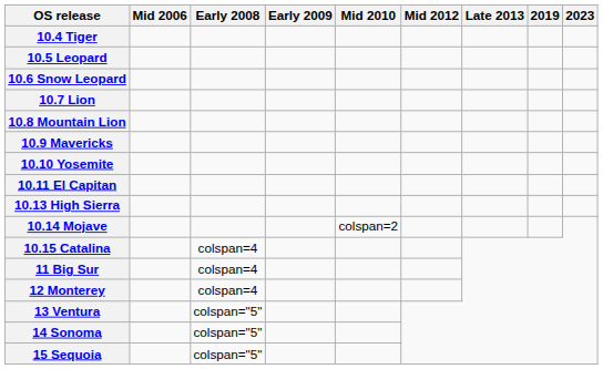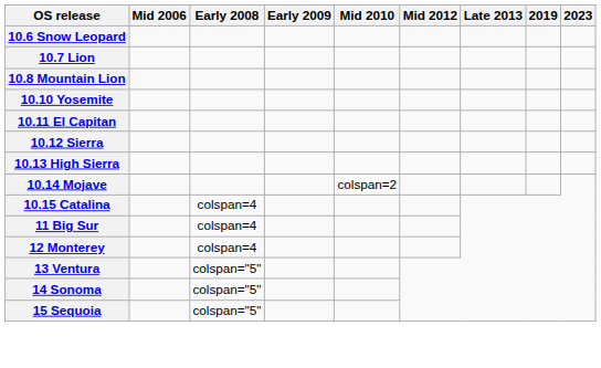 <table class="wikitable mw-collapsible" style="font-size:small; text-align:center">
 <tr>
 <th>OS release</th>
 <th>Mid 2006</th>
 <th>Early 2008</th>
 <th>Early 2009</th>
 <th>Mid 2010</th>
 <th>Mid 2012</th>
 <th>Late 2013</th>
 <th>2019</th>
 <th>2023</th>
-</tr>
-<tr>
-<th><a href='#'>10.4 Tiger</a></th>
-<td></td>
-<td></td>
-<td></td>
-<td></td>
-<td></td>
-<td></td>
-<td></td>
-<td></td>
-</tr>
-<tr>
-<th><a href='#'>10.5 Leopard</a></th>
-<td></td>
-<td></td>
-<td></td>
-<td></td>
-<td></td>
-<td></td>
-<td></td>
-<td></td>
 </tr>
 <tr>
 <th><a href='#'>10.6 Snow Leopard</a></th>
 <td></td>
 <td></td>
 <td></td>
 <td></td>
 <td></td>
 <td></td>
 <td></td>
 <td></td>
 </tr>
 <tr>
 <th><a href='#'>10.7 Lion</a></th>
 <td></td>
 <td></td>
 <td></td>
 <td></td>
 <td></td>
 <td></td>
 <td></td>
 <td></td>
 </tr>
 <tr>
 <th><a href='#'>10.8 Mountain Lion</a></th>
 <td></td>
 <td></td>
 <td></td>
 <td></td>
 <td></td>
 <td></td>
 <td></td>
 <td></td>
 </tr>
 <tr>
-<th><a href='#'>10.9 Mavericks</a></th>
-<td></td>
-<td></td>
-<td></td>
-<td></td>
-<td></td>
-<td></td>
-<td></td>
-<td></td>
-</tr>
-<tr>
 <th><a href='#'>10.10 Yosemite</a></th>
 <td></td>
 <td></td>
 <td></td>
 <td></td>
 <td></td>
 <td></td>
 <td></td>
 <td></td>
 </tr>
 <tr>
 <th><a href='#'>10.11 El Capitan</a></th>
+<td></td>
+<td></td>
+<td></td>
+<td></td>
+<td></td>
+<td></td>
+<td></td>
+<td></td>
+</tr>
+<tr>
+<th><a href='#'>10.12 Sierra</a></th>
 <td></td>
 <td></td>
 <td></td>
 <td></td>
 <td></td>
 <td></td>
 <td></td>
 <td></td>
 </tr>
 <tr>
 <th><a href='#'>10.13 High Sierra</a></th>
 <td></td>
 <td></td>
 <td></td>
 <td></td>
 <td></td>
 <td></td>
 <td></td>
 <td></td>
 </tr>
 <tr>
 <th><a href='#'>10.14 Mojave</a></th>
 <td></td>
 <td></td>
 <td></td>
 <td>colspan=2 </td>
 <td></td>
 <td></td>
 <td></td>
 </tr>
 <tr>
 <th><a href='#'>10.15 Catalina</a></th>
 <td></td>
 <td>colspan=4 </td>
 <td></td>
 <td></td>
 <td></td>
 </tr>
 <tr>
 <th><a href='#'>11 Big Sur</a></th>
 <td></td>
 <td>colspan=4 </td>
 <td></td>
 <td></td>
 <td></td>
 </tr>
 <tr>
 <th><a href='#'>12 Monterey</a></th>
 <td></td>
 <td>colspan=4 </td>
 <td></td>
 <td></td>
 <td></td>
 </tr>
 <tr>
 <th><a href='#'>13 Ventura</a></th>
 <td></td>
 <td>colspan="5"</td>
 <td></td>
 <td></td>
 </tr>
 <tr>
 <th><a href='#'>14 Sonoma</a></th>
 <td></td>
 <td>colspan="5"</td>
 <td></td>
 <td></td>
 </tr>
 <tr>
 <th><a href='#'>15 Sequoia</a></th>
 <td></td>
 <td>colspan="5"</td>
 <td></td>
 <td></td>
 </tr>
 </table>
